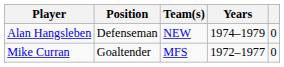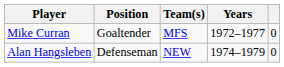 <table class="wikitable">
 <tr>
 <th>Player</th>
 <th>Position</th>
 <th>Team(s)</th>
 <th>Years</th>
 <th><a href='#'></a></th>
 </tr>
 <tr>
+<td><a href='#'>Mike Curran</a></td>
+<td>Goaltender</td>
+<td><a href='#'>MFS</a></td>
+<td>1972–1977</td>
+<td>0</td>
+</tr>
+<tr>
 <td><a href='#'>Alan Hangsleben</a></td>
 <td>Defenseman</td>
 <td><a href='#'>NEW</a></td>
 <td>1974–1979</td>
 <td>0</td>
 </tr>
-<tr>
-<td><a href='#'>Mike Curran</a></td>
-<td>Goaltender</td>
-<td><a href='#'>MFS</a></td>
-<td>1972–1977</td>
-<td>0</td>
-</tr>
 </table>
